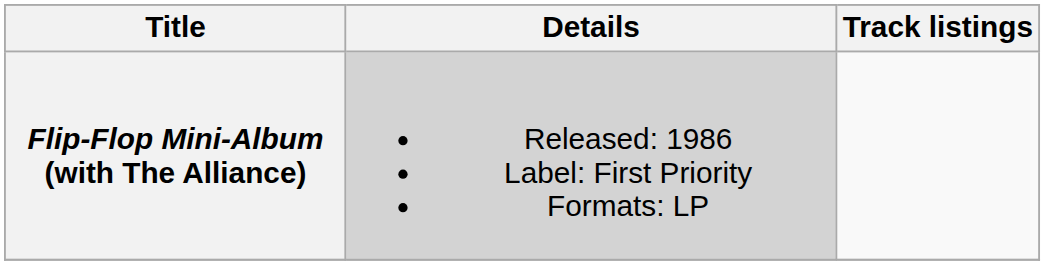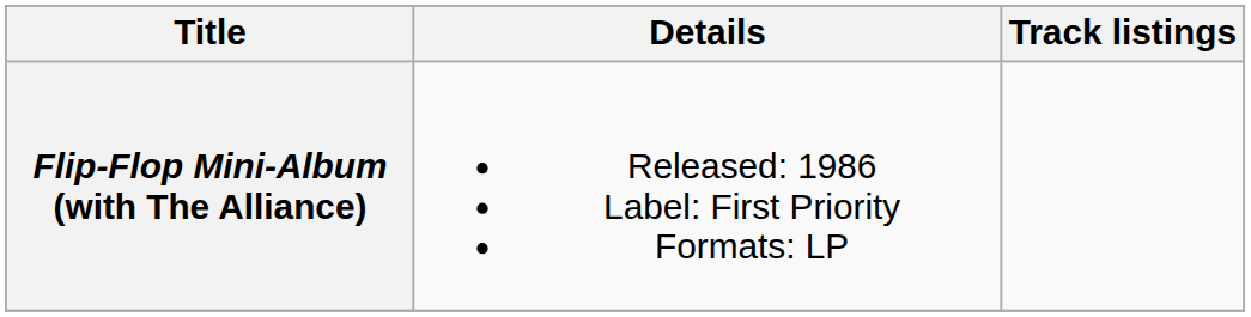 <table class="wikitable plainrowheaders" style="text-align:center;">
 <tr>
 <th scope="col" rowspan="1" style="width:11em;">Title</th>
 <th scope="col" rowspan="1" style="width:16em;">Details</th>
 <th scope="col">Track listings</th>
 </tr>
 <tr>
 <th scope="row"><em>Flip-Flop Mini-Album</em><br><span>(with The Alliance)</span></th>
-<td style="background: lightgrey;"><br><ul><li>Released: 1986</li><li>Label: First Priority</li><li>Formats: LP</li></ul></td>
+<td><br><ul><li>Released: 1986</li><li>Label: First Priority</li><li>Formats: LP</li></ul></td>
 <td align="left" style="font-size: 85%;"><br></td>
 </tr>
 <tr>
 </tr>
 </table>
